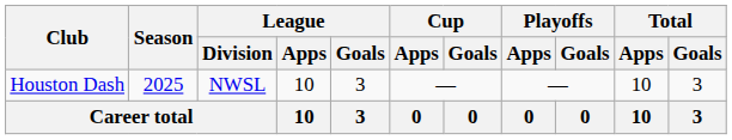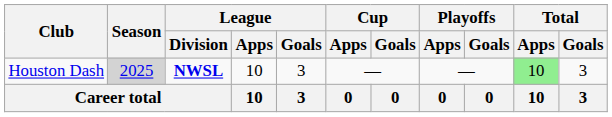 <table class="wikitable" style="text-align: center;">
 <tr>
 <th rowspan="2">Club</th>
 <th rowspan="2">Season</th>
 <th colspan="3">League</th>
 <th colspan="2">Cup</th>
 <th colspan="2">Playoffs</th>
 <th colspan="2">Total</th>
 </tr>
 <tr>
 <th>Division</th>
 <th>Apps</th>
 <th>Goals</th>
 <th>Apps</th>
 <th>Goals</th>
 <th>Apps</th>
 <th>Goals</th>
 <th>Apps</th>
 <th>Goals</th>
 </tr>
 <tr>
 <td><a href='#'>Houston Dash</a></td>
-<td><a href='#'>2025</a></td>
-<td><a href='#'>NWSL</a></td>
+<td style="background: lightgrey;"><a href='#'>2025</a></td>
+<td><strong><a href='#'>NWSL</a></strong></td>
 <td>10</td>
 <td>3</td>
 <td colspan="2">—</td>
 <td colspan="2">—</td>
-<td>10</td>
+<td style="background: lightgreen;">10</td>
 <td>3</td>
 </tr>
 <tr>
 <th colspan="3">Career total</th>
 <th>10</th>
 <th>3</th>
 <th>0</th>
 <th>0</th>
 <th>0</th>
 <th>0</th>
 <th>10</th>
 <th>3</th>
 </tr>
 </table>
